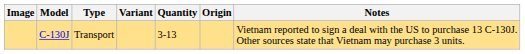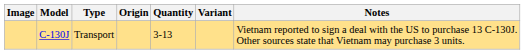 <table class="wikitable">
 <tr>
 <th>Image</th>
 <th>Model</th>
 <th>Type</th>
+<th>Origin</th>
+<th>Quantity</th>
 <th>Variant</th>
-<th>Quantity</th>
-<th>Origin</th>
 <th>Notes</th>
 </tr>
 <tr>
 <td style="background: #FFE18B"></td>
 <td style="background: #FFE18B"><a href='#'>C-130J</a></td>
 <td style="background: #FFE18B">Transport</td>
 <td style="background: #FFE18B"></td>
 <td style="background: #FFE18B">3-13</td>
 <td style="background: #FFE18B"></td>
 <td style="background: #FFE18B">Vietnam reported to sign a deal with the US to purchase 13 C-130J.<br>Other sources state that Vietnam may purchase 3 units.</td>
 </tr>
 </table>
